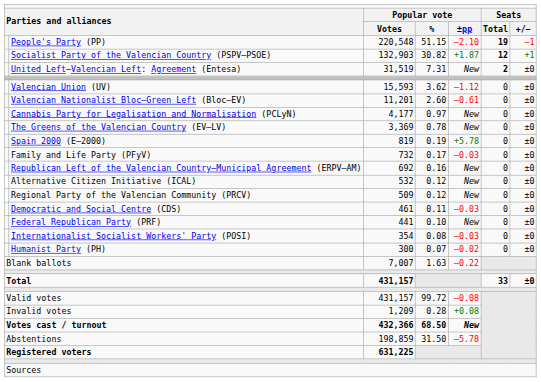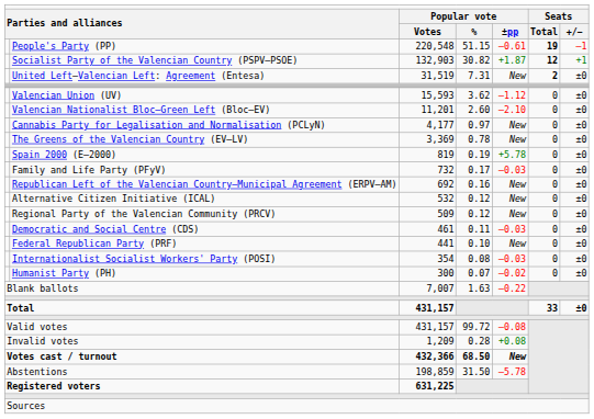 <table class="wikitable" style="text-align:right;">
 <tr>
 <td colspan="7"></td>
 </tr>
 <tr>
 <th style="text-align:left;" rowspan="2" colspan="2" width="525">Parties and alliances</th>
 <th colspan="3">Popular vote</th>
 <th colspan="2">Seats</th>
 </tr>
 <tr>
 <th width="75">Votes</th>
 <th width="45">%</th>
 <th width="45">±<a href='#'>pp</a></th>
 <th width="35">Total</th>
 <th width="35">+/−</th>
 </tr>
 <tr>
 <td width="1" style="color:inherit;background:"></td>
 <td align="left"><a href='#'>People's Party</a> (PP)</td>
 <td>220,548</td>
 <td>51.15</td>
-<td style="color:red;">–2.10</td>
+<td style="color:red;">–0.61</td>
 <td><strong>19</strong></td>
 <td style="color:red;">–1</td>
 </tr>
 <tr>
 <td style="color:inherit;background:"></td>
 <td align="left"><a href='#'>Socialist Party of the Valencian Country</a> (PSPV–PSOE)</td>
 <td>132,903</td>
 <td>30.82</td>
 <td style="color:green;">+1.87</td>
 <td><strong>12</strong></td>
 <td style="color:green;">+1</td>
 </tr>
 <tr>
 <td style="color:inherit;background:"></td>
 <td align="left"><a href='#'>United Left</a>–<a href='#'>Valencian Left</a>: <a href='#'>Agreement</a> (Entesa)</td>
 <td>31,519</td>
 <td>7.31</td>
 <td><em>New</em></td>
 <td><strong>2</strong></td>
 <td>±0</td>
 </tr>
 <tr>
 <td colspan="7" bgcolor="#C0C0C0"></td>
 </tr>
 <tr>
 <td style="color:inherit;background:"></td>
 <td align="left"><a href='#'>Valencian Union</a> (UV)</td>
 <td>15,593</td>
 <td>3.62</td>
 <td style="color:red;">–1.12</td>
 <td>0</td>
 <td>±0</td>
 </tr>
 <tr>
 <td style="color:inherit;background:"></td>
 <td align="left"><a href='#'>Valencian Nationalist Bloc–Green Left</a> (Bloc–EV)</td>
 <td>11,201</td>
 <td>2.60</td>
-<td style="color:red;">–0.61</td>
+<td style="color:red;">–2.10</td>
 <td>0</td>
 <td>±0</td>
 </tr>
 <tr>
 <td style="color:inherit;background:"></td>
 <td align="left"><a href='#'>Cannabis Party for Legalisation and Normalisation</a> (PCLyN)</td>
 <td>4,177</td>
 <td>0.97</td>
 <td><em>New</em></td>
 <td>0</td>
 <td>±0</td>
 </tr>
 <tr>
 <td style="color:inherit;background:"></td>
 <td align="left"><a href='#'>The Greens of the Valencian Country</a> (EV–LV)</td>
 <td>3,369</td>
 <td>0.78</td>
 <td><em>New</em></td>
 <td>0</td>
 <td>±0</td>
 </tr>
 <tr>
 <td style="color:inherit;background:"></td>
 <td align="left"><a href='#'>Spain 2000</a> (E–2000)</td>
 <td>819</td>
 <td>0.19</td>
 <td style="color:green;">+5.78</td>
 <td>0</td>
 <td>±0</td>
 </tr>
 <tr>
 <td style="color:inherit;background:"></td>
 <td align="left">Family and Life Party (PFyV)</td>
 <td>732</td>
 <td>0.17</td>
 <td style="color:red;">–0.03</td>
 <td>0</td>
 <td>±0</td>
 </tr>
 <tr>
 <td style="color:inherit;background:"></td>
 <td align="left"><a href='#'>Republican Left of the Valencian Country–Municipal Agreement</a> (ERPV–AM)</td>
 <td>692</td>
 <td>0.16</td>
 <td><em>New</em></td>
 <td>0</td>
 <td>±0</td>
 </tr>
 <tr>
 <td bgcolor="white"></td>
 <td align="left">Alternative Citizen Initiative (ICAL)</td>
 <td>532</td>
 <td>0.12</td>
 <td><em>New</em></td>
 <td>0</td>
 <td>±0</td>
 </tr>
 <tr>
 <td bgcolor="white"></td>
 <td align="left">Regional Party of the Valencian Community (PRCV)</td>
 <td>509</td>
 <td>0.12</td>
 <td><em>New</em></td>
 <td>0</td>
 <td>±0</td>
 </tr>
 <tr>
 <td style="color:inherit;background:"></td>
 <td align="left"><a href='#'>Democratic and Social Centre</a> (CDS)</td>
 <td>461</td>
 <td>0.11</td>
 <td style="color:red;">–0.03</td>
 <td>0</td>
 <td>±0</td>
 </tr>
 <tr>
 <td style="color:inherit;background:"></td>
 <td align="left"><a href='#'>Federal Republican Party</a> (PRF)</td>
 <td>441</td>
 <td>0.10</td>
 <td><em>New</em></td>
 <td>0</td>
 <td>±0</td>
 </tr>
 <tr>
 <td style="color:inherit;background:"></td>
 <td align="left"><a href='#'>Internationalist Socialist Workers' Party</a> (POSI)</td>
 <td>354</td>
 <td>0.08</td>
 <td style="color:red;">–0.03</td>
 <td>0</td>
 <td>±0</td>
 </tr>
 <tr>
 <td style="color:inherit;background:"></td>
 <td align="left"><a href='#'>Humanist Party</a> (PH)</td>
 <td>300</td>
 <td>0.07</td>
 <td style="color:red;">–0.02</td>
 <td>0</td>
 <td>±0</td>
 </tr>
 <tr>
 <td align="left" colspan="2">Blank ballots</td>
 <td>7,007</td>
 <td>1.63</td>
 <td style="color:red;">–0.22</td>
 <td bgcolor="#E9E9E9" colspan="2"></td>
 </tr>
 <tr>
 <td colspan="7" bgcolor="#E9E9E9"></td>
 </tr>
 <tr style="font-weight:bold;">
 <td align="left" colspan="2">Total</td>
 <td>431,157</td>
 <td bgcolor="#E9E9E9" colspan="2"></td>
 <td>33</td>
 <td>±0</td>
 </tr>
 <tr>
 <td colspan="7" bgcolor="#E9E9E9"></td>
 </tr>
 <tr>
 <td align="left" colspan="2">Valid votes</td>
 <td>431,157</td>
 <td>99.72</td>
 <td style="color:red;">–0.08</td>
 <td bgcolor="#E9E9E9" colspan="2" rowspan="5"></td>
 </tr>
 <tr>
 <td align="left" colspan="2">Invalid votes</td>
 <td>1,209</td>
 <td>0.28</td>
 <td style="color:green;">+0.08</td>
 </tr>
 <tr style="font-weight:bold;">
 <td align="left" colspan="2">Votes cast / turnout</td>
 <td>432,366</td>
 <td>68.50</td>
 <td><em>New</em></td>
 </tr>
 <tr>
 <td align="left" colspan="2">Abstentions</td>
 <td>198,859</td>
 <td>31.50</td>
 <td style="color:red;">–5.78</td>
 </tr>
 <tr style="font-weight:bold;">
 <td align="left" colspan="2">Registered voters</td>
 <td>631,225</td>
 <td bgcolor="#E9E9E9" colspan="2"></td>
 </tr>
 <tr>
 <td colspan="7" bgcolor="#E9E9E9"></td>
 </tr>
 <tr>
 <td align="left" colspan="7">Sources</td>
 </tr>
 </table>
